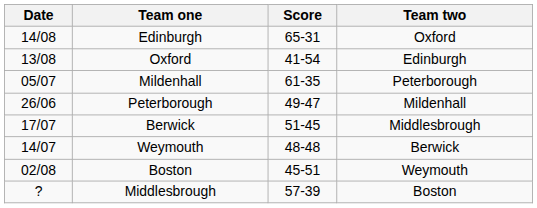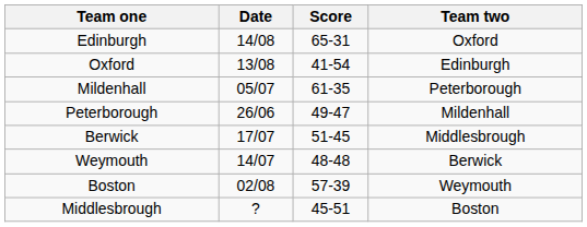 <table class="wikitable" style="text-align: center">
 <tr>
+<th width=250>Team one</th>
 <th width=80>Date</th>
-<th width=250>Team one</th>
 <th width=80>Score</th>
 <th width=250>Team two</th>
 </tr>
 <tr>
+<td>Edinburgh</td>
 <td>14/08</td>
-<td>Edinburgh</td>
 <td>65-31</td>
 <td>Oxford</td>
 </tr>
 <tr>
+<td>Oxford</td>
 <td>13/08</td>
-<td>Oxford</td>
 <td>41-54</td>
 <td>Edinburgh</td>
 </tr>
 <tr>
+<td>Mildenhall</td>
 <td>05/07</td>
-<td>Mildenhall</td>
 <td>61-35</td>
 <td>Peterborough</td>
 </tr>
 <tr>
+<td>Peterborough</td>
 <td>26/06</td>
-<td>Peterborough</td>
 <td>49-47</td>
 <td>Mildenhall</td>
 </tr>
 <tr>
+<td>Berwick</td>
 <td>17/07</td>
-<td>Berwick</td>
 <td>51-45</td>
 <td>Middlesbrough</td>
 </tr>
 <tr>
+<td>Weymouth</td>
 <td>14/07</td>
-<td>Weymouth</td>
 <td>48-48</td>
 <td>Berwick</td>
 </tr>
 <tr>
+<td>Boston</td>
 <td>02/08</td>
-<td>Boston</td>
-<td>45-51</td>
+<td>57-39</td>
 <td>Weymouth</td>
 </tr>
 <tr>
+<td>Middlesbrough</td>
 <td>?</td>
-<td>Middlesbrough</td>
-<td>57-39</td>
+<td>45-51</td>
 <td>Boston</td>
 </tr>
 </table>
